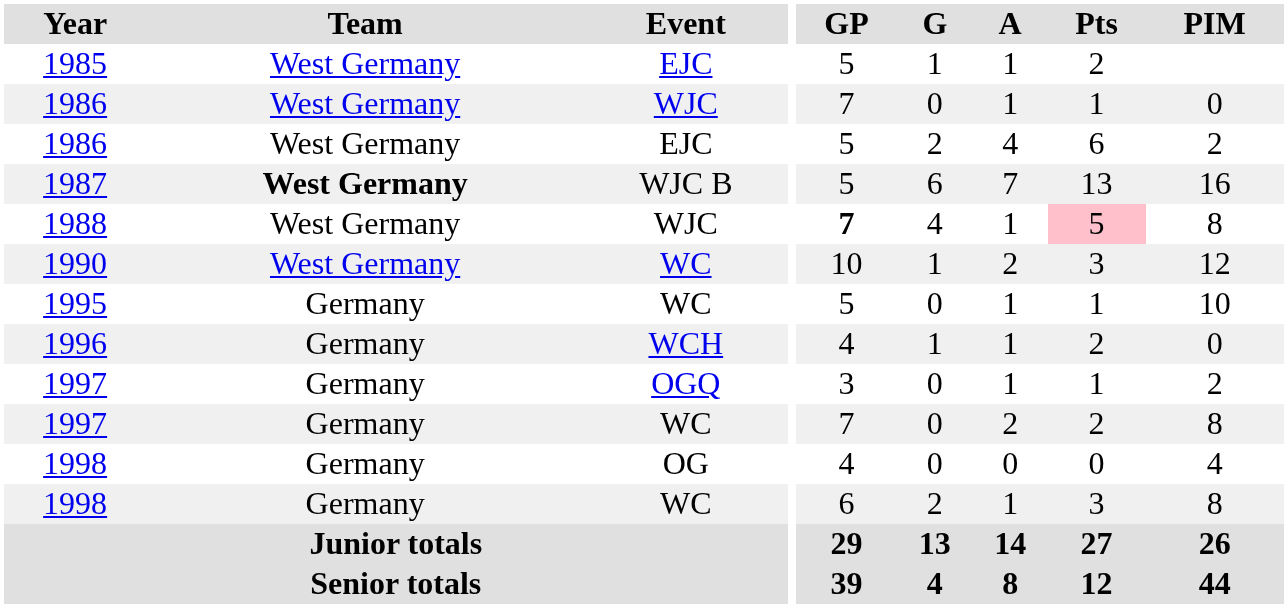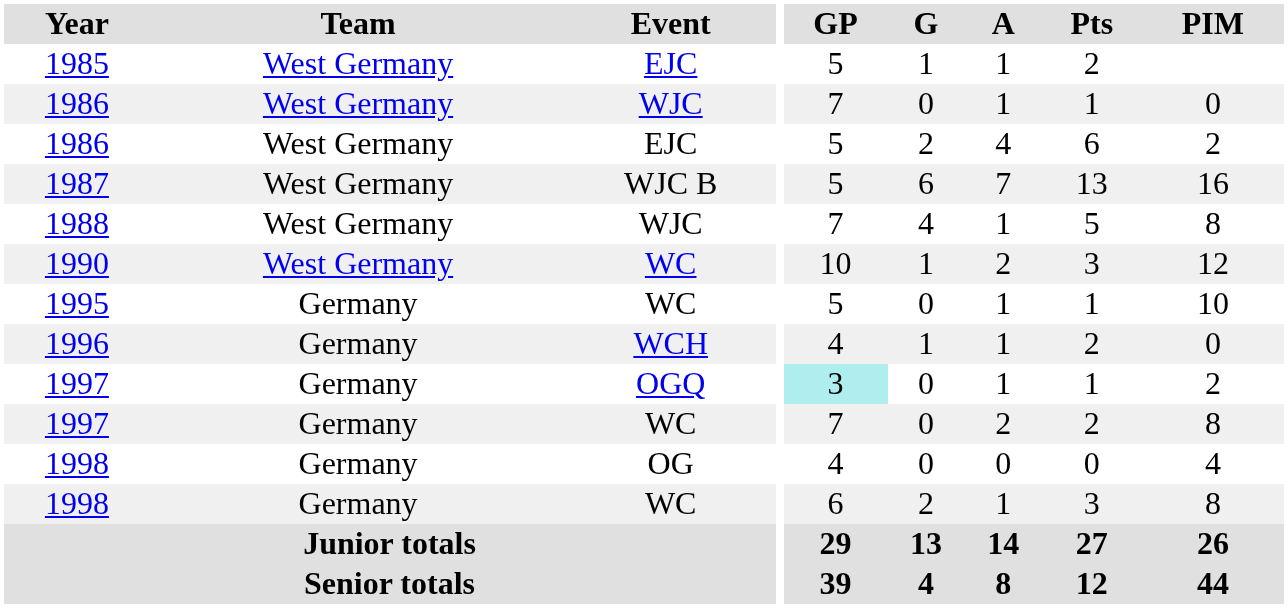 <table border="0" cellpadding="1" cellspacing="0" ID="Table3" style="text-align:center; width:40em">
 <tr bgcolor="#e0e0e0">
 <th>Year</th>
 <th>Team</th>
 <th>Event</th>
 <th rowspan="102" bgcolor="#ffffff"></th>
 <th>GP</th>
 <th>G</th>
 <th>A</th>
 <th>Pts</th>
 <th>PIM</th>
 </tr>
 <tr>
 <td><a href='#'>1985</a></td>
 <td><a href='#'>West Germany</a></td>
 <td><a href='#'>EJC</a></td>
 <td>5</td>
 <td>1</td>
 <td>1</td>
 <td>2</td>
 <td></td>
 </tr>
 <tr bgcolor="#f0f0f0">
 <td><a href='#'>1986</a></td>
 <td><a href='#'>West Germany</a></td>
 <td><a href='#'>WJC</a></td>
 <td>7</td>
 <td>0</td>
 <td>1</td>
 <td>1</td>
 <td>0</td>
 </tr>
 <tr>
 <td><a href='#'>1986</a></td>
 <td>West Germany</td>
 <td>EJC</td>
 <td>5</td>
 <td>2</td>
 <td>4</td>
 <td>6</td>
 <td>2</td>
 </tr>
 <tr bgcolor="#f0f0f0">
 <td><a href='#'>1987</a></td>
-<td><strong>West Germany</strong></td>
+<td>West Germany</td>
 <td>WJC B</td>
 <td>5</td>
 <td>6</td>
 <td>7</td>
 <td>13</td>
 <td>16</td>
 </tr>
 <tr>
 <td><a href='#'>1988</a></td>
 <td>West Germany</td>
 <td>WJC</td>
-<td><strong>7</strong></td>
+<td>7</td>
 <td>4</td>
 <td>1</td>
-<td style="background: pink;">5</td>
+<td>5</td>
 <td>8</td>
 </tr>
 <tr bgcolor="#f0f0f0">
 <td><a href='#'>1990</a></td>
 <td><a href='#'>West Germany</a></td>
 <td><a href='#'>WC</a></td>
 <td>10</td>
 <td>1</td>
 <td>2</td>
 <td>3</td>
 <td>12</td>
 </tr>
 <tr>
 <td><a href='#'>1995</a></td>
 <td>Germany</td>
 <td>WC</td>
 <td>5</td>
 <td>0</td>
 <td>1</td>
 <td>1</td>
 <td>10</td>
 </tr>
 <tr bgcolor="#f0f0f0">
 <td><a href='#'>1996</a></td>
 <td>Germany</td>
 <td><a href='#'>WCH</a></td>
 <td>4</td>
 <td>1</td>
 <td>1</td>
 <td>2</td>
 <td>0</td>
 </tr>
 <tr>
 <td><a href='#'>1997</a></td>
 <td>Germany</td>
 <td><a href='#'>OGQ</a></td>
-<td>3</td>
+<td style="background: paleturquoise;">3</td>
 <td>0</td>
 <td>1</td>
 <td>1</td>
 <td>2</td>
 </tr>
 <tr bgcolor="#f0f0f0">
 <td><a href='#'>1997</a></td>
 <td>Germany</td>
 <td>WC</td>
 <td>7</td>
 <td>0</td>
 <td>2</td>
 <td>2</td>
 <td>8</td>
 </tr>
 <tr>
 <td><a href='#'>1998</a></td>
 <td>Germany</td>
 <td>OG</td>
 <td>4</td>
 <td>0</td>
 <td>0</td>
 <td>0</td>
 <td>4</td>
 </tr>
 <tr bgcolor="#f0f0f0">
 <td><a href='#'>1998</a></td>
 <td>Germany</td>
 <td>WC</td>
 <td>6</td>
 <td>2</td>
 <td>1</td>
 <td>3</td>
 <td>8</td>
 </tr>
 <tr bgcolor="#e0e0e0">
 <th colspan="3">Junior totals</th>
 <th>29</th>
 <th>13</th>
 <th>14</th>
 <th>27</th>
 <th>26</th>
 </tr>
 <tr bgcolor="#e0e0e0">
 <th colspan="3">Senior totals</th>
 <th>39</th>
 <th>4</th>
 <th>8</th>
 <th>12</th>
 <th>44</th>
 </tr>
 </table>
